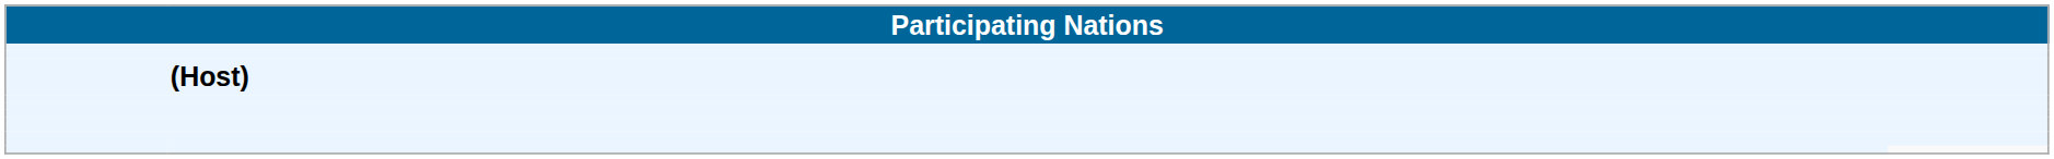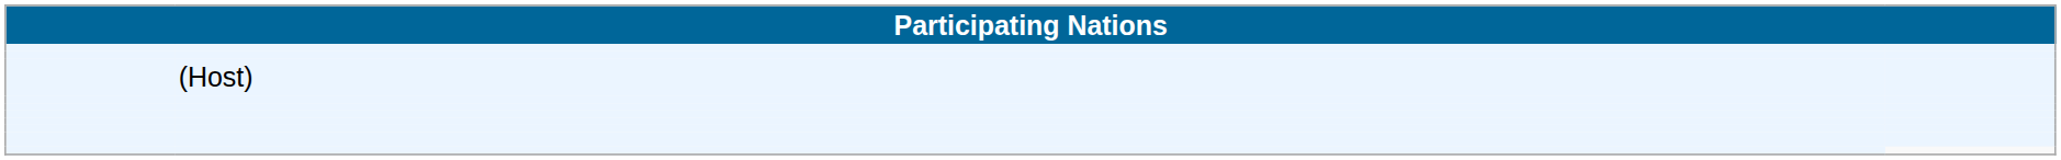 <table cellpadding="2" cellspacing="0" style="background: #f9f9f9; border: 1px #aaa solid; border-collapse: collapse; font-size: 95%;" width=72%>
 <tr bgcolor=#006699 style="color:white;">
 <th colspan=4 align=center>Participating Nations</th>
 </tr>
 <tr bgcolor=#EBF5FF>
 <td></td>
 <td></td>
 <td></td>
 </tr>
 <tr bgcolor=#EBF5FF>
 <td></td>
 <td></td>
 <td></td>
 </tr>
 <tr bgcolor=#EBF5FF>
 <td></td>
-<td><strong> (Host)</strong></td>
+<td> (Host)</td>
 <td></td>
 </tr>
 <tr bgcolor=#EBF5FF>
 <td></td>
 <td></td>
 <td></td>
 </tr>
 <tr bgcolor=#EBF5FF>
 <td></td>
 <td></td>
 <td></td>
 </tr>
 <tr bgcolor=#EBF5FF>
 <td></td>
 <td></td>
 <td></td>
 </tr>
 <tr bgcolor=#EBF5FF>
 <td></td>
 <td></td>
 <td></td>
 </tr>
 <tr bgcolor=#EBF5FF>
 <td></td>
 <td></td>
 <td></td>
 </tr>
 <tr bgcolor=#EBF5FF>
 <td></td>
 <td></td>
 <td></td>
 </tr>
 <tr bgcolor=#EBF5FF>
 <td></td>
 <td></td>
 <td></td>
 </tr>
 <tr bgcolor=#EBF5FF>
 <td></td>
 <td></td>
 </tr>
 </table>
